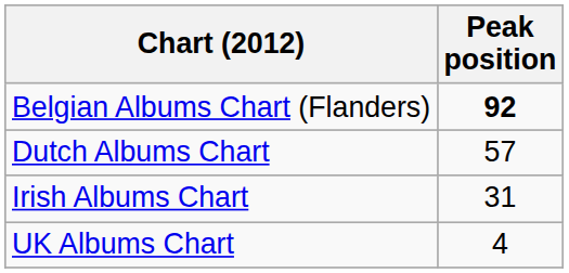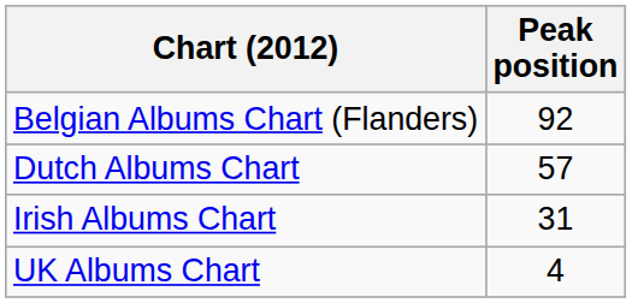 <table class="wikitable sortable">
 <tr>
 <th>Chart (2012)</th>
 <th>Peak<br>position</th>
 </tr>
 <tr>
 <td><a href='#'>Belgian Albums Chart</a> (Flanders)</td>
-<td style="text-align:center;"><strong>92</strong></td>
+<td style="text-align:center;">92</td>
 </tr>
 <tr>
 <td><a href='#'>Dutch Albums Chart</a></td>
 <td style="text-align:center;">57</td>
 </tr>
 <tr>
 <td><a href='#'>Irish Albums Chart</a></td>
 <td style="text-align:center;">31</td>
 </tr>
 <tr>
 <td><a href='#'>UK Albums Chart</a></td>
 <td style="text-align:center;">4</td>
 </tr>
 </table>
